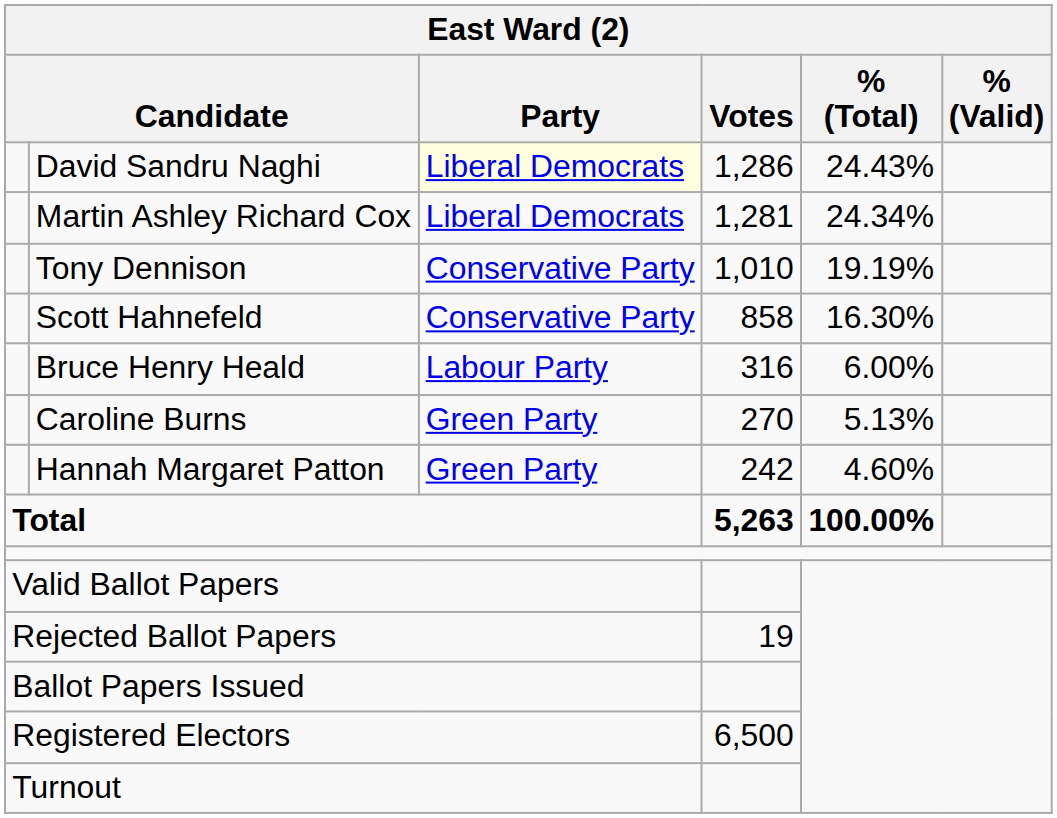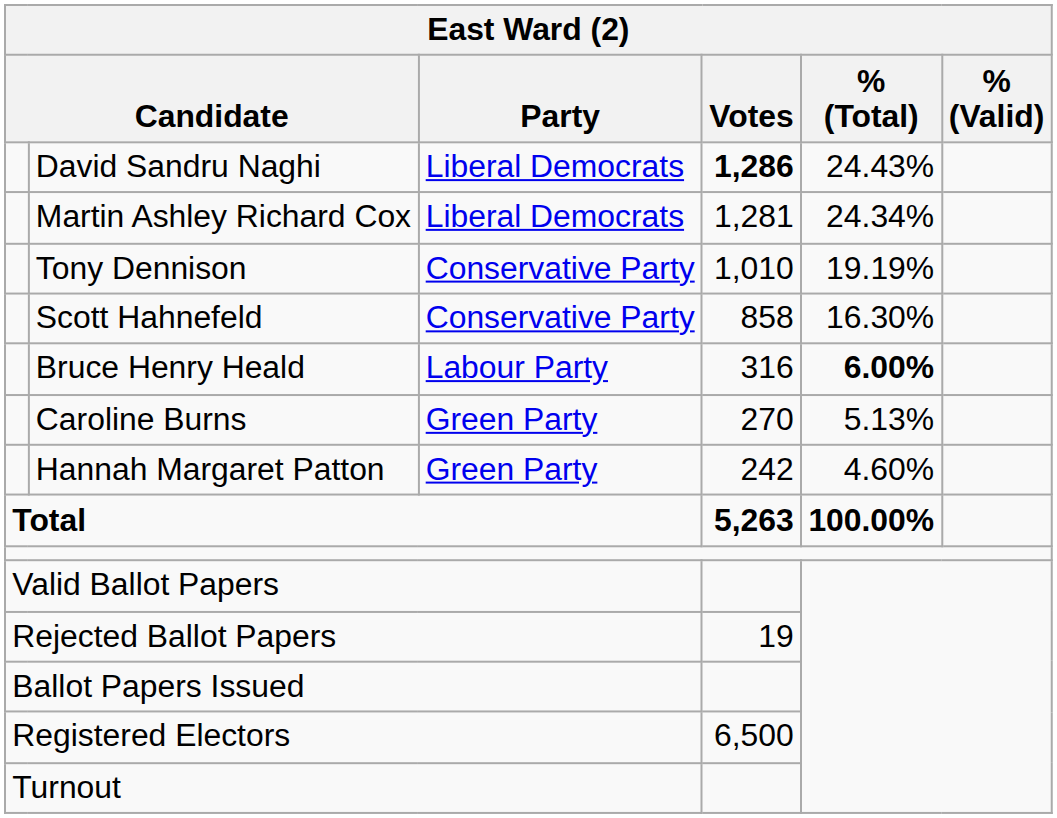 <table class="wikitable" border="1" style="text-align:right; font-size:100%">
 <tr>
 <th align=center colspan=6>East Ward (2)</th>
 </tr>
 <tr>
 <th valign=bottom align=left colspan=2>Candidate</th>
 <th valign=bottom align=left>Party</th>
 <th valign=bottom align=center>Votes</th>
 <th align=center>%<br>(Total)</th>
 <th align=center>%<br>(Valid)</th>
 </tr>
 <tr>
 <td bgcolor=> </td>
 <td align=left>David Sandru Naghi</td>
-<td align=left style="background: lightyellow;"><a href='#'>Liberal Democrats</a></td>
-<td>1,286</td>
+<td align=left><a href='#'>Liberal Democrats</a></td>
+<td><strong>1,286</strong></td>
 <td>24.43%</td>
 <td></td>
 </tr>
 <tr>
 <td bgcolor=> </td>
 <td align=left>Martin Ashley Richard Cox</td>
 <td align=left><a href='#'>Liberal Democrats</a></td>
 <td>1,281</td>
 <td>24.34%</td>
 <td></td>
 </tr>
 <tr>
 <td bgcolor=> </td>
 <td align=left>Tony Dennison</td>
 <td align=left><a href='#'>Conservative Party</a></td>
 <td>1,010</td>
 <td>19.19%</td>
 <td></td>
 </tr>
 <tr>
 <td bgcolor=> </td>
 <td align=left>Scott Hahnefeld</td>
 <td align=left><a href='#'>Conservative Party</a></td>
 <td>858</td>
 <td>16.30%</td>
 <td></td>
 </tr>
 <tr>
 <td bgcolor=> </td>
 <td align=left>Bruce Henry Heald</td>
 <td align=left><a href='#'>Labour Party</a></td>
 <td>316</td>
-<td>6.00%</td>
+<td><strong>6.00%</strong></td>
 <td></td>
 </tr>
 <tr>
 <td bgcolor=> </td>
 <td align=left>Caroline Burns</td>
 <td align=left><a href='#'>Green Party</a></td>
 <td>270</td>
 <td>5.13%</td>
 <td></td>
 </tr>
 <tr>
 <td bgcolor=> </td>
 <td align=left>Hannah Margaret Patton</td>
 <td align=left><a href='#'>Green Party</a></td>
 <td>242</td>
 <td>4.60%</td>
 <td></td>
 </tr>
 <tr>
 <td align=left colspan=3><strong>Total</strong></td>
 <td><strong>5,263</strong></td>
 <td><strong>100.00%</strong></td>
 <td></td>
 </tr>
 <tr>
 <td align=left colspan=6></td>
 </tr>
 <tr>
 <td align=left colspan=3>Valid Ballot Papers</td>
 <td></td>
 <td colspan=2 rowspan=5></td>
 </tr>
 <tr>
 <td align=left colspan=3>Rejected Ballot Papers</td>
 <td>19</td>
 </tr>
 <tr>
 <td align=left colspan=3>Ballot Papers Issued</td>
 <td></td>
 </tr>
 <tr>
 <td align=left colspan=3>Registered Electors</td>
 <td>6,500</td>
 </tr>
 <tr>
 <td align=left colspan=3>Turnout</td>
 <td></td>
 </tr>
 </table>
